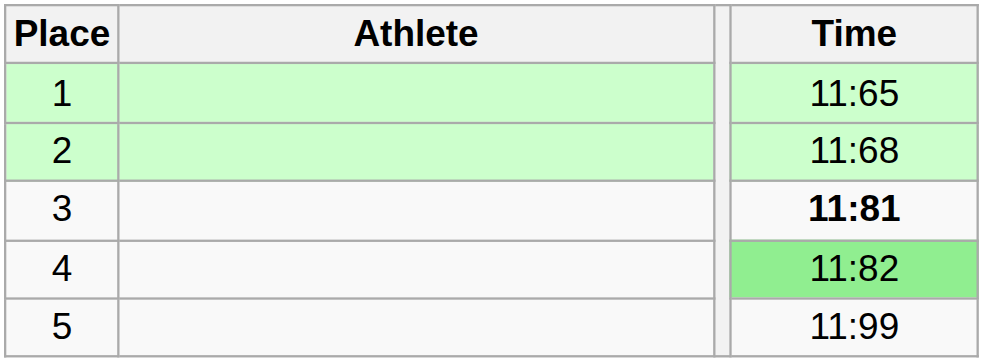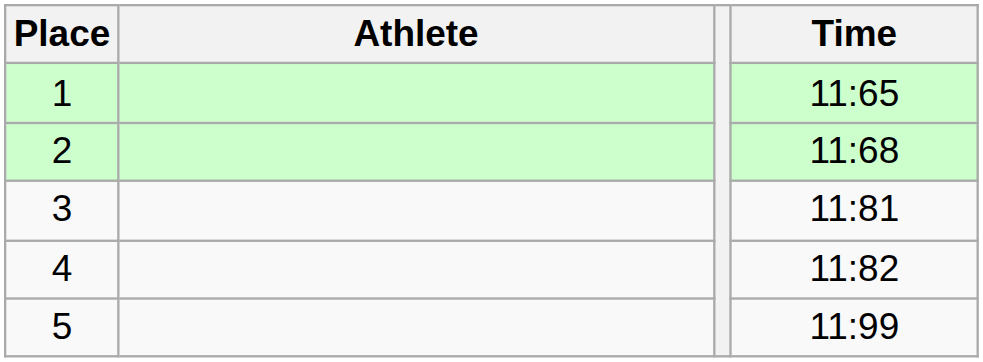 <table class="wikitable" style="text-align:center">
 <tr>
 <th>Place</th>
 <th width=250>Athlete</th>
 <th rowspan=27></th>
 <th width=100>Time</th>
 </tr>
 <tr style="background:#ccffcc;">
 <td>1</td>
 <td align=left></td>
 <td>11:65</td>
 </tr>
 <tr style="background:#ccffcc;">
 <td>2</td>
 <td align=left></td>
 <td>11:68</td>
 </tr>
 <tr>
 <td>3</td>
 <td align=left></td>
-<td><strong>11:81</strong></td>
+<td>11:81</td>
 </tr>
 <tr>
 <td>4</td>
 <td align=left></td>
-<td style="background: lightgreen;">11:82</td>
+<td>11:82</td>
 </tr>
 <tr>
 <td>5</td>
 <td align=left></td>
 <td>11:99</td>
 </tr>
 </table>
